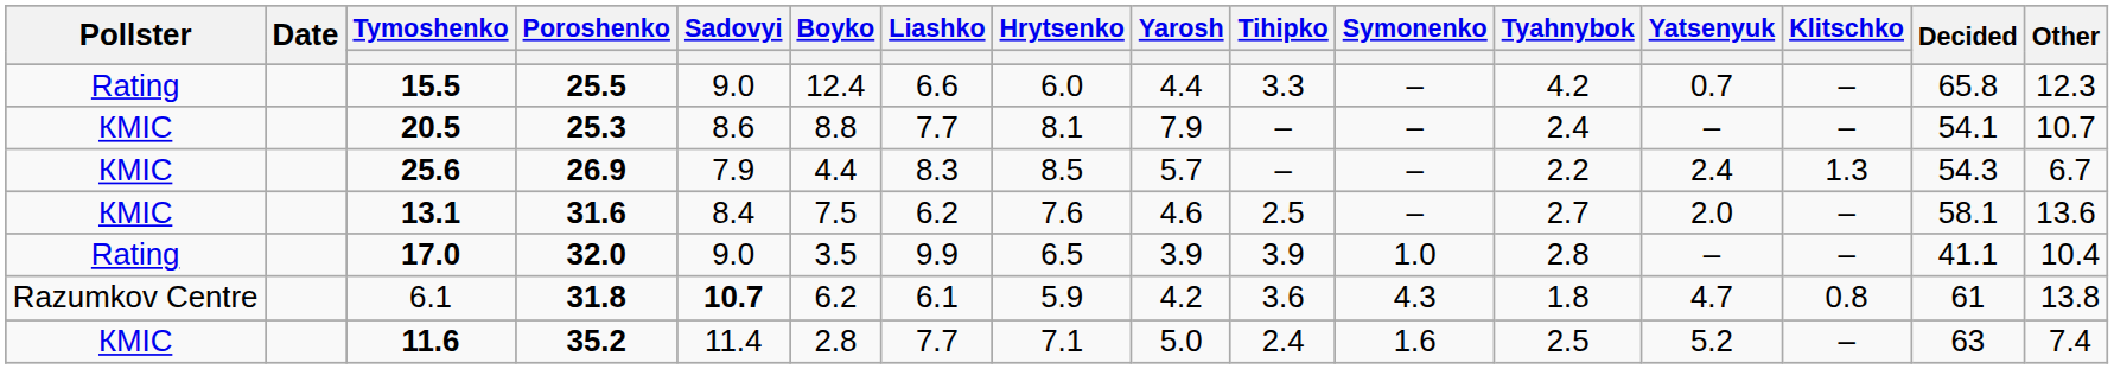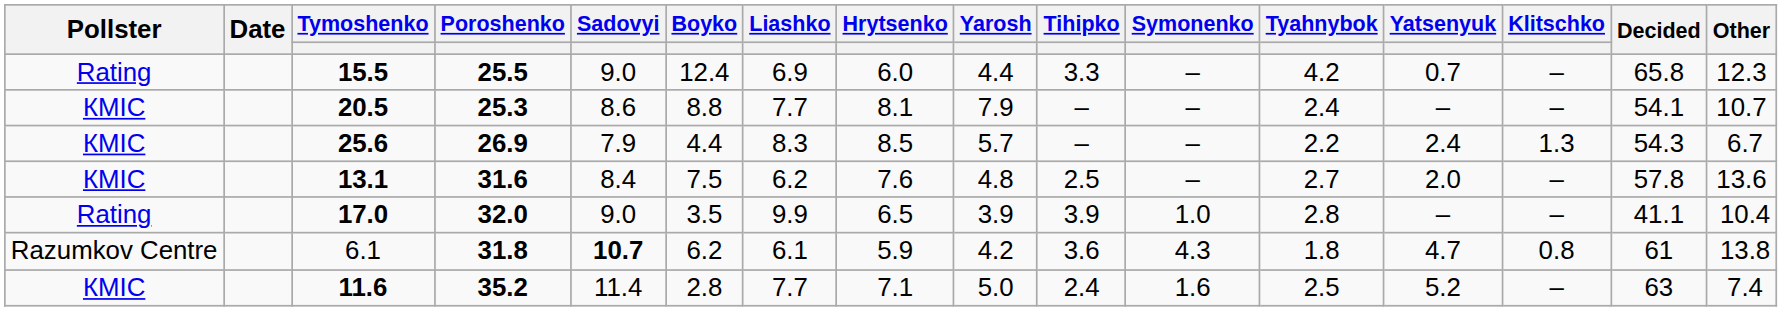 <table class="wikitable" style="text-align:center;font-size:95%;line-height:14px;">
 <tr>
 <th rowspan=2>Pollster</th>
 <th rowspan=2>Date</th>
 <th><small><a href='#'>Tymoshenko</a></small></th>
 <th> <small><a href='#'>Poroshenko</a></small></th>
 <th><small><a href='#'>Sadovyi</a></small></th>
 <th><small><a href='#'>Boyko</a></small></th>
 <th><small><a href='#'>Liashko</a></small></th>
 <th><small><a href='#'>Hrytsenko</a></small></th>
 <th><small><a href='#'>Yarosh</a></small></th>
 <th><small><a href='#'>Tihipko</a></small></th>
 <th><small><a href='#'>Symonenko</a></small></th>
 <th><small><a href='#'>Tyahnybok</a></small></th>
 <th><small><a href='#'>Yatsenyuk</a></small></th>
 <th><small><a href='#'>Klitschko</a></small></th>
 <th rowspan=2><small>Decided</small></th>
 <th rowspan=2><small>Other</small></th>
 </tr>
 <tr>
 <th style="background:"></th>
 <th style="background:"></th>
 <th style="background:"></th>
 <th style="background:"></th>
 <th style="background:"></th>
 <th style="background:"></th>
 <th style="background:"></th>
 <th style="background:"></th>
 <th style="background:"></th>
 <th style="background:"></th>
 <th style="background:"></th>
 <th style="background:"></th>
 </tr>
 <tr>
 <td><a href='#'>Rating</a></td>
 <td></td>
 <td style="background-color:#"><strong>15.5</strong></td>
 <td style="background-color:#"><strong>25.5</strong></td>
 <td>9.0</td>
 <td>12.4</td>
-<td>6.6</td>
+<td>6.9</td>
 <td>6.0</td>
 <td>4.4</td>
 <td>3.3</td>
 <td>–</td>
 <td>4.2</td>
 <td>0.7</td>
 <td>–</td>
 <td>65.8</td>
 <td>12.3</td>
 </tr>
 <tr>
 <td><a href='#'>КМІС</a></td>
 <td></td>
 <td style="background-color:#"><strong>20.5</strong></td>
 <td style="background-color:#"><strong>25.3</strong></td>
 <td>8.6</td>
 <td>8.8</td>
 <td>7.7</td>
 <td>8.1</td>
 <td>7.9</td>
 <td>–</td>
 <td>–</td>
 <td>2.4</td>
 <td>–</td>
 <td>–</td>
 <td>54.1</td>
 <td>10.7</td>
 </tr>
 <tr>
 <td><a href='#'>КМІС</a></td>
 <td></td>
 <td style="background-color:#"><strong>25.6</strong></td>
 <td style="background-color:#"><strong>26.9</strong></td>
 <td>7.9</td>
 <td>4.4</td>
 <td>8.3</td>
 <td>8.5</td>
 <td>5.7</td>
 <td>–</td>
 <td>–</td>
 <td>2.2</td>
 <td>2.4</td>
 <td>1.3</td>
 <td>54.3</td>
 <td> 6.7</td>
 </tr>
 <tr>
 <td><a href='#'>КМІС</a></td>
 <td></td>
 <td style="background-color:#"><strong>13.1</strong></td>
 <td style="background-color:#"><strong>31.6</strong></td>
 <td>8.4</td>
 <td>7.5</td>
 <td>6.2</td>
 <td>7.6</td>
-<td>4.6</td>
+<td>4.8</td>
 <td>2.5</td>
 <td>–</td>
 <td>2.7</td>
 <td>2.0</td>
 <td>–</td>
-<td>58.1</td>
+<td>57.8</td>
 <td>13.6</td>
 </tr>
 <tr>
 <td><a href='#'>Rating</a></td>
 <td></td>
 <td style="background-color:#"><strong>17.0</strong></td>
 <td style="background-color:#"><strong>32.0</strong></td>
 <td>9.0</td>
 <td>3.5</td>
 <td>9.9</td>
 <td>6.5</td>
 <td>3.9</td>
 <td>3.9</td>
 <td>1.0</td>
 <td>2.8</td>
 <td>–</td>
 <td>–</td>
 <td>41.1</td>
 <td> 10.4</td>
 </tr>
 <tr>
 <td>Razumkov Centre</td>
 <td></td>
 <td>6.1</td>
 <td style="background-color:#"><strong>31.8</strong></td>
 <td style="background-color:#"><strong>10.7</strong></td>
 <td>6.2</td>
 <td>6.1</td>
 <td>5.9</td>
 <td>4.2</td>
 <td>3.6</td>
 <td>4.3</td>
 <td>1.8</td>
 <td>4.7</td>
 <td>0.8</td>
 <td>61</td>
 <td> 13.8</td>
 </tr>
 <tr>
 <td><a href='#'>КМІС</a></td>
 <td></td>
 <td style="background-color:#"><strong>11.6</strong></td>
 <td style="background-color:#"><strong>35.2</strong></td>
 <td>11.4</td>
 <td>2.8</td>
 <td>7.7</td>
 <td>7.1</td>
 <td>5.0</td>
 <td>2.4</td>
 <td>1.6</td>
 <td>2.5</td>
 <td>5.2</td>
 <td>–</td>
 <td>63</td>
 <td> 7.4</td>
 </tr>
 </table>
